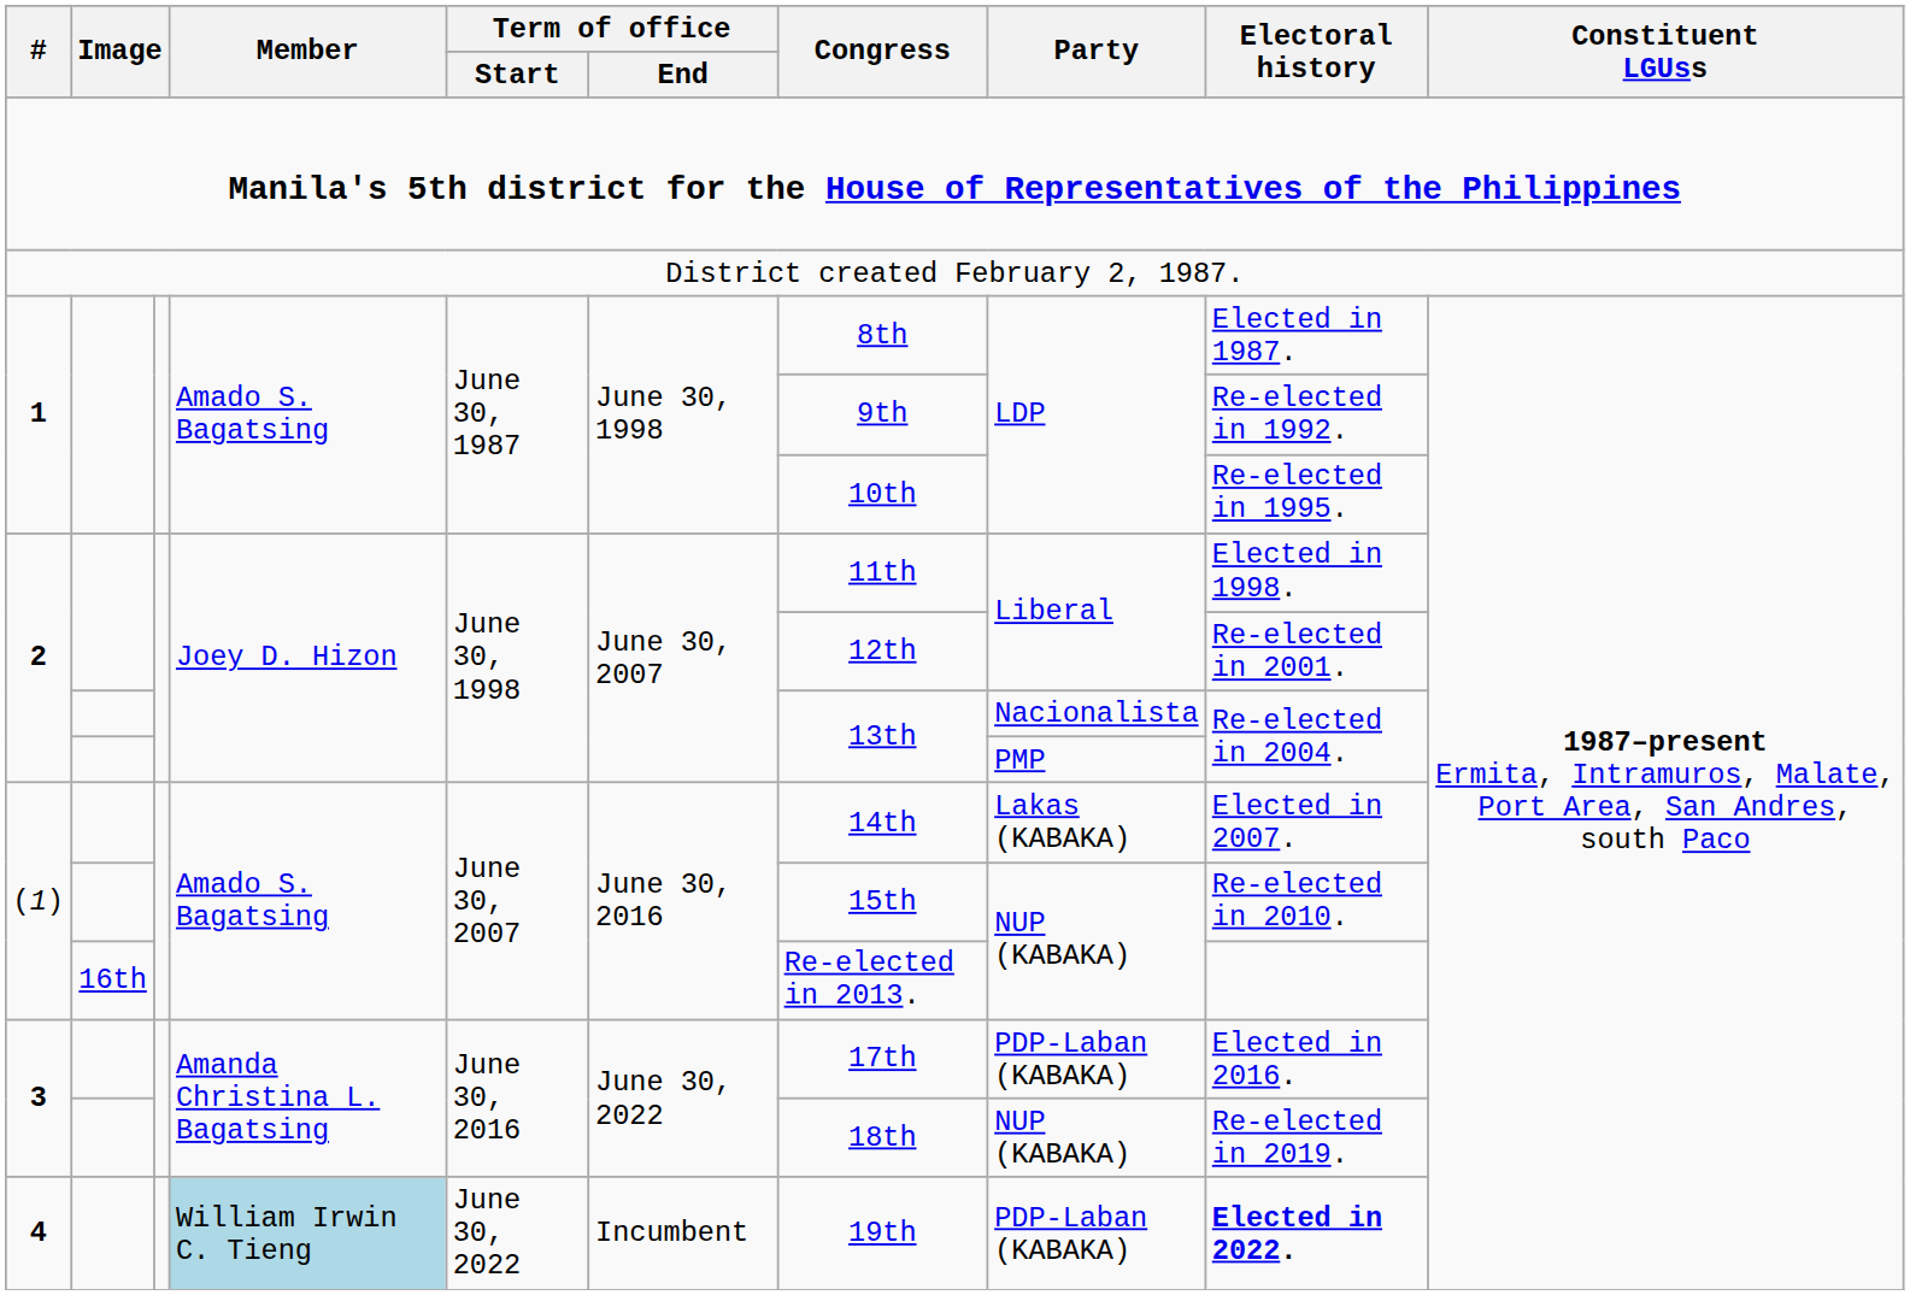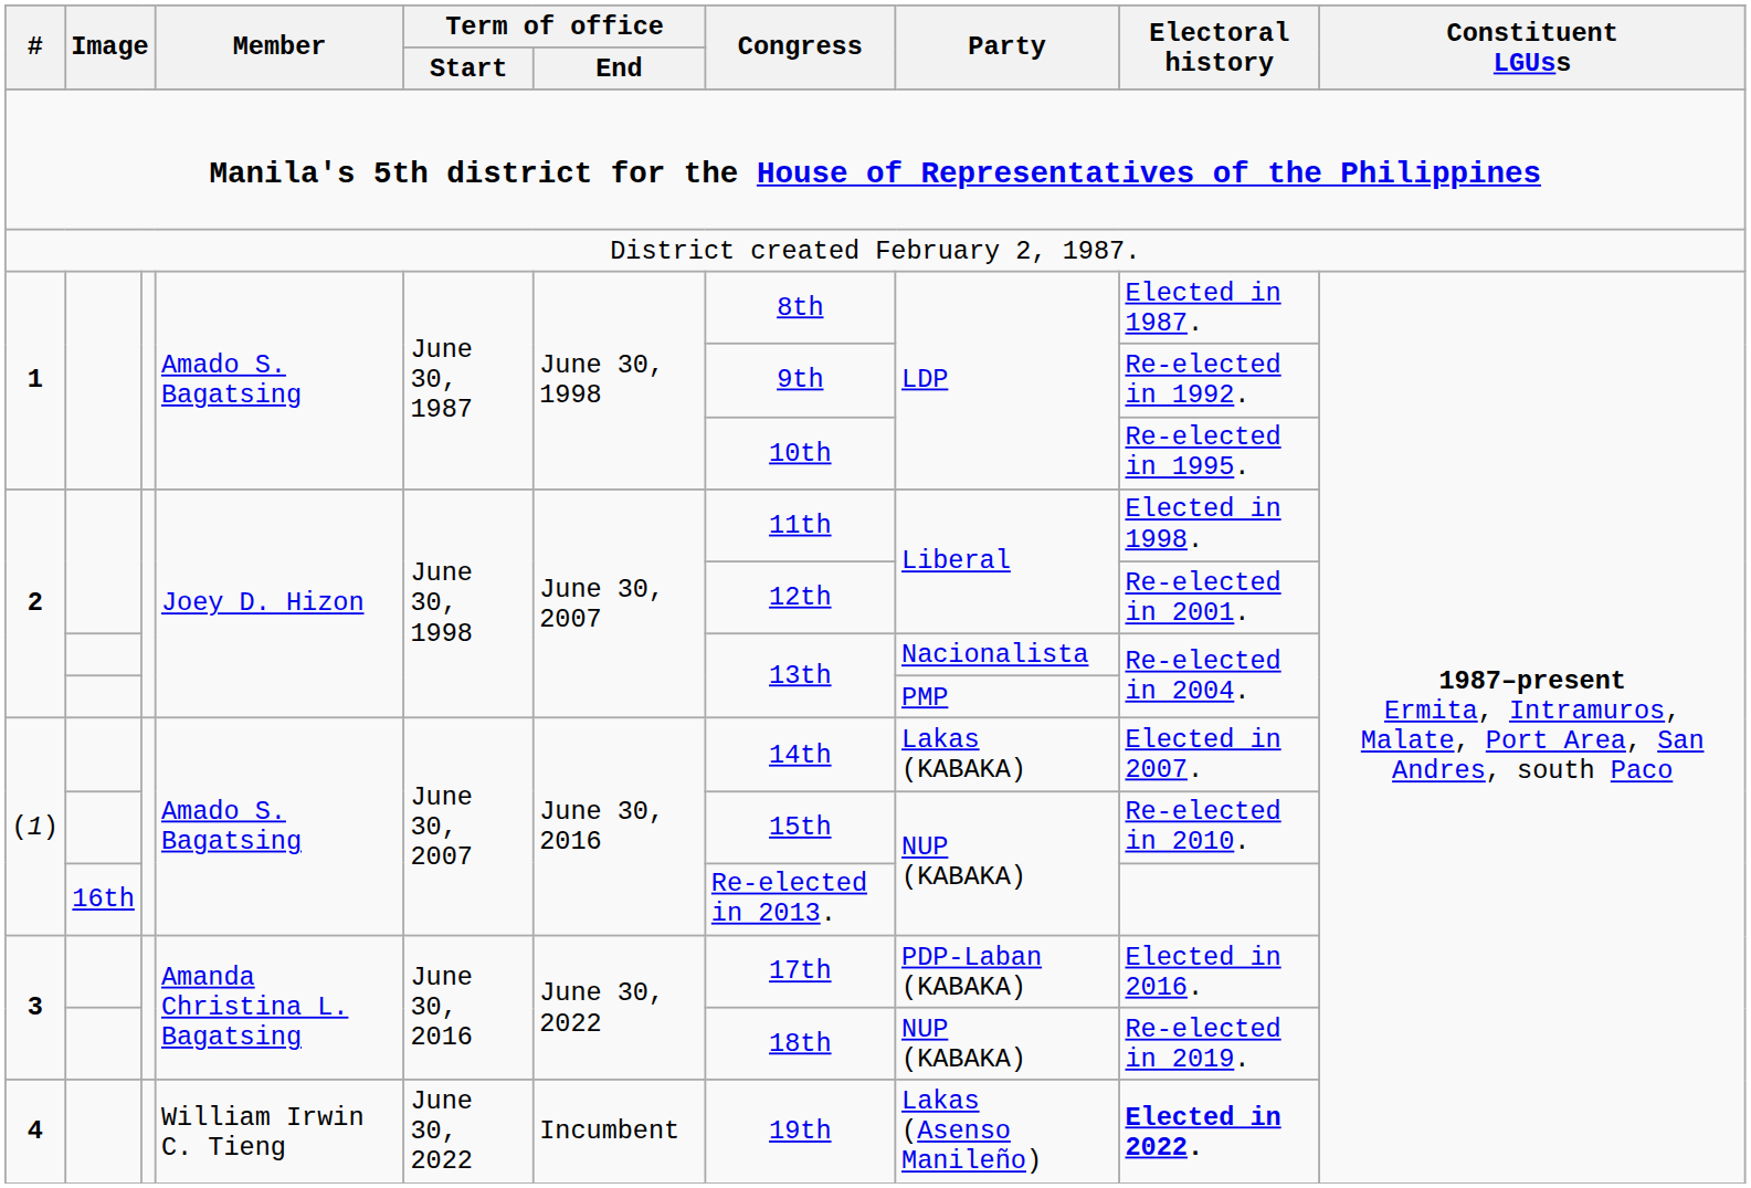 <table class=wikitable>
 <tr>
 <th rowspan="2">#</th>
 <th rowspan="2" colspan=2>Image</th>
 <th rowspan="2">Member</th>
 <th colspan=2>Term of office</th>
 <th rowspan="2">Congress</th>
 <th rowspan="2">Party</th>
 <th rowspan="2">Electoral history</th>
 <th rowspan="2">Constituent<br><a href='#'>LGUs</a>s</th>
 </tr>
 <tr>
 <th>Start</th>
 <th>End</th>
 </tr>
 <tr>
 <td colspan="10" style="text-align:center;"><br><h3>Manila's 5th district for the <a href='#'>House of Representatives of the Philippines</a></h3></td>
 </tr>
 <tr>
 <td colspan="10" style="text-align:center;">District created February 2, 1987.</td>
 </tr>
 <tr>
 <td rowspan="3" style="text-align:center;"><strong>1</strong></td>
 <td rowspan="3" style="color:inherit;background:"></td>
 <td rowspan="3"></td>
 <td rowspan="3"><a href='#'>Amado S. Bagatsing</a></td>
 <td rowspan="3">June 30, 1987</td>
 <td rowspan="3">June 30, 1998</td>
 <td style="text-align:center;"><a href='#'>8th</a></td>
 <td rowspan="3"><a href='#'>LDP</a></td>
 <td><a href='#'>Elected in 1987</a>.</td>
 <td rowspan="13" style="text-align:center;"><strong>1987–present</strong><br><a href='#'>Ermita</a>, <a href='#'>Intramuros</a>, <a href='#'>Malate</a>, <a href='#'>Port Area</a>, <a href='#'>San Andres</a>, south <a href='#'>Paco</a></td>
 </tr>
 <tr>
 <td style="text-align:center;"><a href='#'>9th</a></td>
 <td><a href='#'>Re-elected in 1992</a>.</td>
 </tr>
 <tr>
 <td style="text-align:center;"><a href='#'>10th</a></td>
 <td><a href='#'>Re-elected in 1995</a>.</td>
 </tr>
 <tr>
 <td rowspan="4" style="text-align:center;"><strong>2</strong></td>
 <td rowspan="2" style="color:inherit;background:"></td>
 <td rowspan="4"></td>
 <td rowspan="4"><a href='#'>Joey D. Hizon</a></td>
 <td rowspan="4">June 30, 1998</td>
 <td rowspan="4">June 30, 2007</td>
 <td style="text-align:center;"><a href='#'>11th</a></td>
 <td rowspan="2"><a href='#'>Liberal</a></td>
 <td><a href='#'>Elected in 1998</a>.</td>
 </tr>
 <tr>
 <td style="text-align:center;"><a href='#'>12th</a></td>
 <td><a href='#'>Re-elected in 2001</a>.</td>
 </tr>
 <tr>
 <td style="color:inherit;background:"></td>
 <td style="text-align:center;"  rowspan="2"><a href='#'>13th</a></td>
 <td><a href='#'>Nacionalista</a></td>
 <td rowspan="2"><a href='#'>Re-elected in 2004</a>.</td>
 </tr>
 <tr>
 <td style="color:inherit;background:"></td>
 <td><a href='#'>PMP</a></td>
 </tr>
 <tr>
 <td rowspan="3" style="text-align:center;">(<em>1</em>)</td>
 <td style="color:inherit;background:"></td>
 <td rowspan="3"></td>
 <td rowspan="3"><a href='#'>Amado S. Bagatsing</a></td>
 <td rowspan="3">June 30, 2007</td>
 <td rowspan="3">June 30, 2016</td>
 <td style="text-align:center;"><a href='#'>14th</a></td>
 <td><a href='#'>Lakas</a><br>(KABAKA)</td>
 <td><a href='#'>Elected in 2007</a>.</td>
 </tr>
 <tr>
 <td style="color:inherit;background:"></td>
 <td style="text-align:center;"><a href='#'>15th</a></td>
 <td rowspan="2"><a href='#'>NUP</a><br>(KABAKA)</td>
 <td><a href='#'>Re-elected in 2010</a>.</td>
 </tr>
 <tr>
 <td style="text-align:center;"><a href='#'>16th</a></td>
 <td><a href='#'>Re-elected in 2013</a>.</td>
 </tr>
 <tr>
 <td rowspan="2" style="text-align:center;"><strong>3</strong></td>
 <td style="color:inherit;background:"></td>
 <td rowspan="2"></td>
 <td rowspan="2"><a href='#'>Amanda Christina L. Bagatsing</a></td>
 <td rowspan="2">June 30, 2016</td>
 <td rowspan="2">June 30, 2022</td>
 <td style="text-align:center;"><a href='#'>17th</a></td>
 <td><a href='#'>PDP-Laban</a><br>(KABAKA)</td>
 <td><a href='#'>Elected in 2016</a>.</td>
 </tr>
 <tr>
 <td style="color:inherit;background:"></td>
 <td style="text-align:center;"><a href='#'>18th</a></td>
 <td><a href='#'>NUP</a><br>(KABAKA)</td>
 <td><a href='#'>Re-elected in 2019</a>.</td>
 </tr>
 <tr>
 <td style="text-align:center;"><strong>4</strong></td>
 <td style="color:inherit;background:"></td>
 <td></td>
-<td style="background: lightblue;">William Irwin C. Tieng</td>
+<td>William Irwin C. Tieng</td>
 <td>June 30, 2022</td>
 <td>Incumbent</td>
 <td style="text-align:center;"><a href='#'>19th</a></td>
-<td><a href='#'>PDP-Laban</a><br>(KABAKA)</td>
+<td><a href='#'>Lakas</a><br>(<a href='#'>Asenso Manileño</a>)</td>
 <td><strong><a href='#'>Elected in 2022</a>.</strong></td>
 </tr>
 </table>
